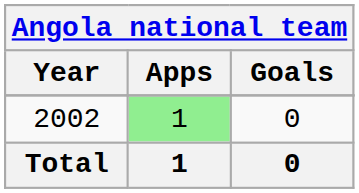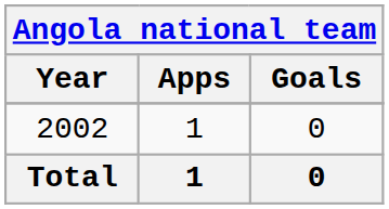 <table class="wikitable" style="text-align:center">
 <tr>
 <th colspan=3><a href='#'>Angola national team</a></th>
 </tr>
 <tr>
 <th>Year</th>
 <th>Apps</th>
 <th>Goals</th>
 </tr>
 <tr>
 </tr>
 <tr>
 <td>2002</td>
-<td style="background: lightgreen;">1</td>
+<td>1</td>
 <td>0</td>
 </tr>
 <tr>
 <th>Total</th>
 <th>1</th>
 <th>0</th>
 </tr>
 </table>
